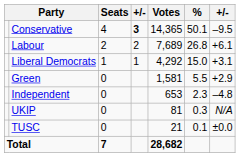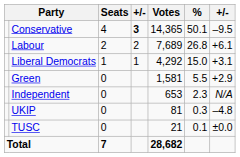 <table class="wikitable sortable">
 <tr>
 <th colspan="2">Party</th>
 <th>Seats</th>
 <th>+/-</th>
 <th>Votes</th>
 <th>%</th>
 <th>+/-</th>
 </tr>
 <tr>
 <td style="background-color: "></td>
 <td><a href='#'>Conservative</a></td>
 <td>4</td>
 <td><strong> 3</strong></td>
 <td style="text-align:right;">14,365</td>
 <td style="text-align:right;">50.1</td>
 <td style="text-align:right;">–9.5</td>
 </tr>
 <tr>
 <td style="background-color: "></td>
 <td><a href='#'>Labour</a></td>
 <td>2</td>
 <td> 2</td>
 <td style="text-align:right;">7,689</td>
 <td style="text-align:right;">26.8</td>
 <td style="text-align:right;">+6.1</td>
 </tr>
 <tr>
 <td style="background-color: "></td>
 <td><a href='#'>Liberal Democrats</a></td>
 <td>1</td>
 <td> 1</td>
 <td style="text-align:right;">4,292</td>
 <td style="text-align:right;">15.0</td>
 <td style="text-align:right;">+3.1</td>
 </tr>
 <tr>
 <td style="background-color: "></td>
 <td><a href='#'>Green</a></td>
 <td>0</td>
 <td></td>
 <td style="text-align:right;">1,581</td>
 <td style="text-align:right;">5.5</td>
 <td style="text-align:right;">+2.9</td>
 </tr>
 <tr>
 <td style="background-color: "></td>
 <td><a href='#'>Independent</a></td>
 <td>0</td>
 <td></td>
 <td style="text-align:right;">653</td>
 <td style="text-align:right;">2.3</td>
-<td style="text-align:right;">–4.8</td>
+<td style="text-align:right;"><em>N/A</em></td>
 </tr>
 <tr>
 <td style="background-color: "></td>
 <td><a href='#'>UKIP</a></td>
 <td>0</td>
 <td></td>
 <td style="text-align:right;">81</td>
 <td style="text-align:right;">0.3</td>
-<td style="text-align:right;"><em>N/A</em></td>
+<td style="text-align:right;">–4.8</td>
 </tr>
 <tr>
 <td style="background-color: "></td>
 <td><a href='#'>TUSC</a></td>
 <td>0</td>
 <td></td>
 <td style="text-align:right;">21</td>
 <td style="text-align:right;">0.1</td>
 <td style="text-align:right;">±0.0</td>
 </tr>
 <tr>
 <td colspan="2"><strong>Total</strong></td>
 <td><strong>7</strong></td>
 <td></td>
 <td style="text-align:right;"><strong>28,682</strong></td>
 <td style="text-align:right;"></td>
 <td style="text-align:right;"></td>
 </tr>
 </table>
